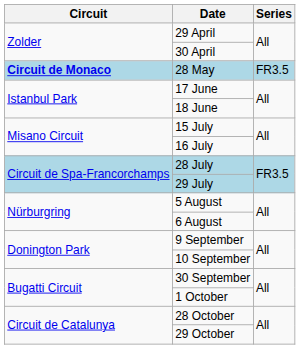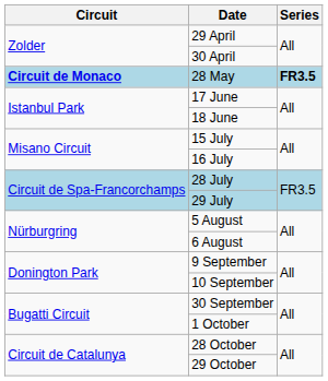 <table class="wikitable" style="font-size: 85%;">
 <tr>
 <th>Circuit</th>
 <th>Date</th>
 <th>Series</th>
 </tr>
 <tr>
 <td rowspan=2> <a href='#'>Zolder</a></td>
 <td>29 April</td>
 <td rowspan=2>All</td>
 </tr>
 <tr>
 <td>30 April</td>
 </tr>
 <tr style="background:lightblue;">
 <td><strong> <a href='#'>Circuit de Monaco</a></strong></td>
 <td>28 May</td>
-<td>FR3.5</td>
+<td><strong>FR3.5</strong></td>
 </tr>
 <tr>
 <td rowspan=2> <a href='#'>Istanbul Park</a></td>
 <td>17 June</td>
 <td rowspan=2>All</td>
 </tr>
 <tr>
 <td>18 June</td>
 </tr>
 <tr>
 <td rowspan=2> <a href='#'>Misano Circuit</a></td>
 <td>15 July</td>
 <td rowspan=2>All</td>
 </tr>
 <tr>
 <td>16 July</td>
 </tr>
 <tr style="background:lightblue;">
 <td rowspan=2> <a href='#'>Circuit de Spa-Francorchamps</a></td>
 <td>28 July</td>
 <td rowspan=2>FR3.5</td>
 </tr>
 <tr style="background:lightblue;">
 <td>29 July</td>
 </tr>
 <tr>
 <td rowspan=2> <a href='#'>Nürburgring</a></td>
 <td>5 August</td>
 <td rowspan=2>All</td>
 </tr>
 <tr>
 <td>6 August</td>
 </tr>
 <tr>
 <td rowspan=2> <a href='#'>Donington Park</a></td>
 <td>9 September</td>
 <td rowspan=2>All</td>
 </tr>
 <tr>
 <td>10 September</td>
 </tr>
 <tr>
 <td rowspan=2> <a href='#'>Bugatti Circuit</a></td>
 <td>30 September</td>
 <td rowspan=2>All</td>
 </tr>
 <tr>
 <td>1 October</td>
 </tr>
 <tr>
 <td rowspan=2> <a href='#'>Circuit de Catalunya</a></td>
 <td>28 October</td>
 <td rowspan=2>All</td>
 </tr>
 <tr>
 <td>29 October</td>
 </tr>
 </table>
